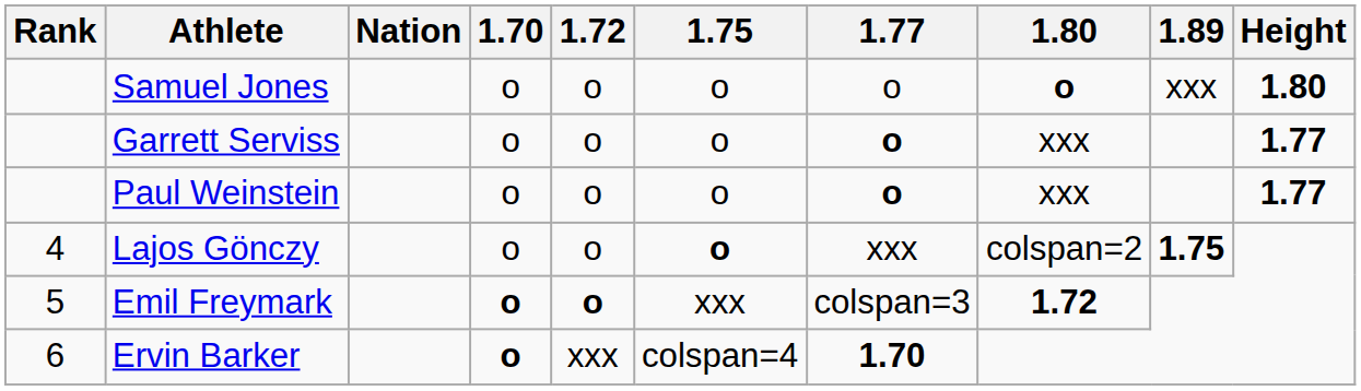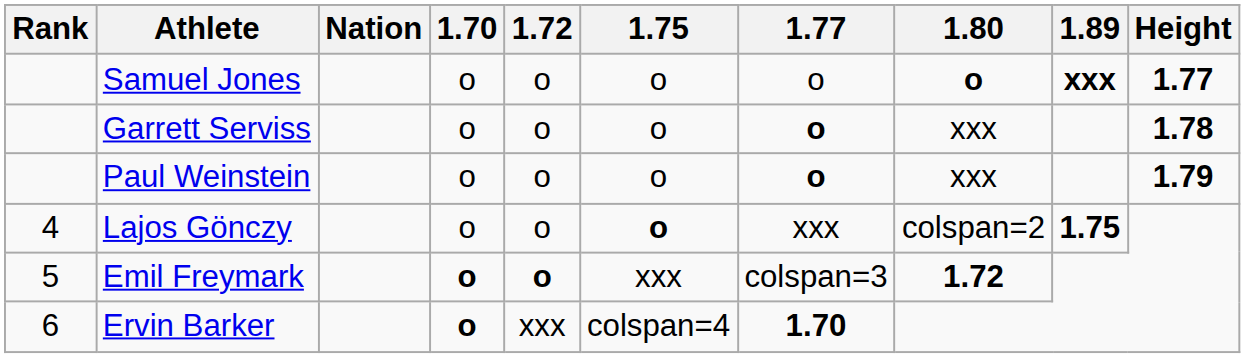 <table class="wikitable sortable" style="text-align:center">
 <tr>
 <th>Rank</th>
 <th>Athlete</th>
 <th>Nation</th>
 <th>1.70</th>
 <th>1.72</th>
 <th>1.75</th>
 <th>1.77</th>
 <th>1.80</th>
 <th>1.89</th>
 <th>Height</th>
 </tr>
 <tr>
 <td></td>
 <td align=left><a href='#'>Samuel Jones</a></td>
 <td align=left></td>
 <td>o</td>
 <td>o</td>
 <td>o</td>
 <td>o</td>
 <td><strong>o</strong></td>
-<td>xxx</td>
-<td><strong>1.80</strong></td>
+<td><strong>xxx</strong></td>
+<td><strong>1.77</strong></td>
 </tr>
 <tr>
 <td></td>
 <td align=left><a href='#'>Garrett Serviss</a></td>
 <td align=left></td>
 <td>o</td>
 <td>o</td>
 <td>o</td>
 <td><strong>o</strong></td>
 <td>xxx</td>
 <td></td>
-<td><strong>1.77</strong></td>
+<td><strong>1.78</strong></td>
 </tr>
 <tr>
 <td></td>
 <td align=left><a href='#'>Paul Weinstein</a></td>
 <td align=left></td>
 <td>o</td>
 <td>o</td>
 <td>o</td>
 <td><strong>o</strong></td>
 <td>xxx</td>
 <td></td>
-<td><strong>1.77</strong></td>
+<td><strong>1.79</strong></td>
 </tr>
 <tr>
 <td>4</td>
 <td align=left><a href='#'>Lajos Gönczy</a></td>
 <td align=left></td>
 <td>o</td>
 <td>o</td>
 <td><strong>o</strong></td>
 <td>xxx</td>
 <td>colspan=2 </td>
 <td><strong>1.75</strong></td>
 </tr>
 <tr>
 <td>5</td>
 <td align=left><a href='#'>Emil Freymark</a></td>
 <td align=left></td>
 <td><strong>o</strong></td>
 <td><strong>o</strong></td>
 <td>xxx</td>
 <td>colspan=3 </td>
 <td><strong>1.72</strong></td>
 </tr>
 <tr>
 <td>6</td>
 <td align=left><a href='#'>Ervin Barker</a></td>
 <td align=left></td>
 <td><strong>o</strong></td>
 <td>xxx</td>
 <td>colspan=4 </td>
 <td><strong>1.70</strong></td>
 </tr>
 </table>
